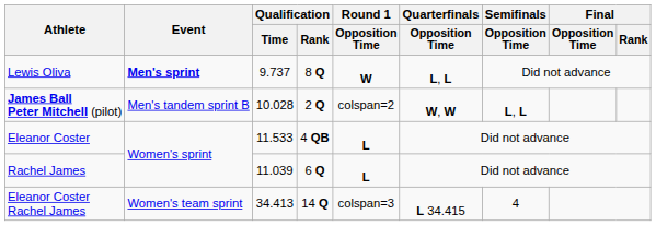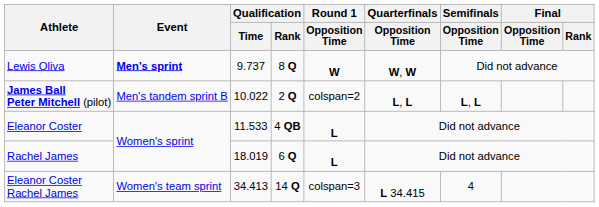 <table class="wikitable" style="font-size:90%;">
 <tr>
 <th rowspan=2>Athlete</th>
 <th rowspan=2>Event</th>
 <th colspan=2>Qualification</th>
 <th>Round 1</th>
 <th>Quarterfinals</th>
 <th>Semifinals</th>
 <th colspan=2>Final</th>
 </tr>
 <tr style="font-size:95%">
 <th>Time</th>
 <th>Rank</th>
 <th>Opposition<br>Time</th>
 <th>Opposition<br>Time</th>
 <th>Opposition<br>Time</th>
 <th>Opposition<br>Time</th>
 <th>Rank</th>
 </tr>
 <tr align=center>
 <td align=left><a href='#'>Lewis Oliva</a></td>
 <td align=left><strong><a href='#'>Men's sprint</a></strong></td>
 <td>9.737</td>
 <td>8 <strong>Q</strong></td>
 <td><br><strong>W</strong></td>
-<td><br><strong>L</strong>, <strong>L</strong></td>
+<td><br><strong>W</strong>, <strong>W</strong></td>
 <td colspan=3>Did not advance</td>
 </tr>
 <tr align=center>
 <td align=left><strong><a href='#'>James Ball</a></strong><br><strong><a href='#'>Peter Mitchell</a></strong> (pilot)</td>
 <td align=left><a href='#'>Men's tandem sprint B</a></td>
-<td>10.028</td>
+<td>10.022</td>
 <td>2 <strong>Q</strong></td>
 <td>colspan=2 </td>
-<td><br><strong>W</strong>, <strong>W</strong></td>
+<td><br><strong>L</strong>, <strong>L</strong></td>
 <td><br><strong>L</strong>, <strong>L</strong></td>
 <td></td>
 </tr>
 <tr align=center>
 <td align=left><a href='#'>Eleanor Coster</a></td>
 <td align=left rowspan=2><a href='#'>Women's sprint</a></td>
 <td>11.533</td>
 <td>4 <strong>QB</strong></td>
 <td><br><strong>L</strong></td>
 <td colspan=4>Did not advance</td>
 </tr>
 <tr align=center>
 <td align=left><a href='#'>Rachel James</a></td>
-<td>11.039</td>
+<td>18.019</td>
 <td>6 <strong>Q</strong></td>
 <td><br><strong>L</strong></td>
 <td colspan=4>Did not advance</td>
 </tr>
 <tr align=center>
 <td align=left><a href='#'>Eleanor Coster</a><br><a href='#'>Rachel James</a></td>
 <td align=left><a href='#'>Women's team sprint</a></td>
 <td>34.413</td>
 <td>14 <strong>Q</strong></td>
 <td>colspan=3 </td>
 <td><br><strong>L</strong> 34.415</td>
 <td>4</td>
 </tr>
 </table>
